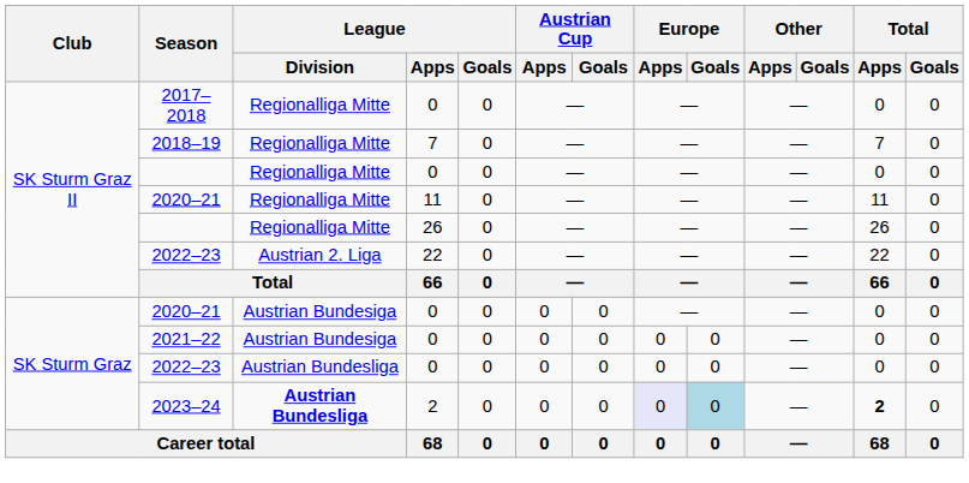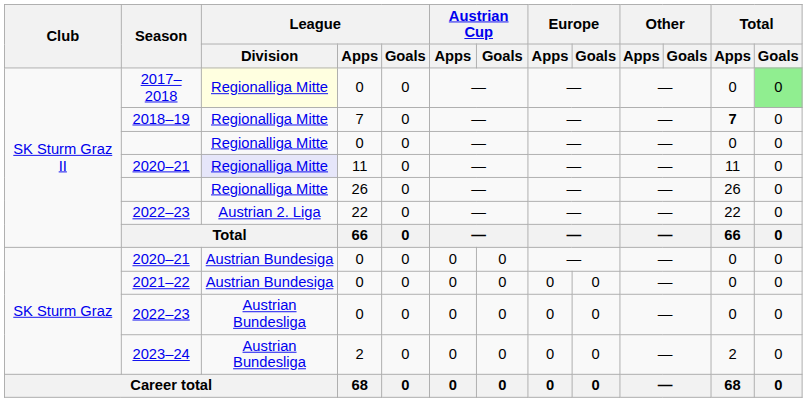 <table class="wikitable" style="text-align: center;">
 <tr>
 <th rowspan="2">Club</th>
 <th rowspan="2">Season</th>
 <th colspan="3">League</th>
 <th colspan="2"><a href='#'>Austrian Cup</a></th>
 <th colspan="2">Europe</th>
 <th colspan="2">Other</th>
 <th colspan="2">Total</th>
 </tr>
 <tr>
 <th>Division</th>
 <th>Apps</th>
 <th>Goals</th>
 <th>Apps</th>
 <th>Goals</th>
 <th>Apps</th>
 <th>Goals</th>
 <th>Apps</th>
 <th>Goals</th>
 <th>Apps</th>
 <th>Goals</th>
 </tr>
 <tr>
 <td rowspan="7"><a href='#'>SK Sturm Graz II</a></td>
 <td><a href='#'>2017–2018</a></td>
-<td><a href='#'>Regionalliga Mitte</a></td>
+<td style="background: lightyellow;"><a href='#'>Regionalliga Mitte</a></td>
 <td>0</td>
 <td>0</td>
 <td colspan="2">—</td>
 <td colspan="2">—</td>
 <td colspan="2">—</td>
 <td>0</td>
-<td>0</td>
+<td style="background: lightgreen;">0</td>
 </tr>
 <tr>
 <td><a href='#'>2018–19</a></td>
 <td><a href='#'>Regionalliga Mitte</a></td>
 <td>7</td>
 <td>0</td>
 <td colspan="2">—</td>
 <td colspan="2">—</td>
 <td colspan="2">—</td>
-<td>7</td>
+<td><strong>7</strong></td>
 <td>0</td>
 </tr>
 <tr>
 <td></td>
 <td><a href='#'>Regionalliga Mitte</a></td>
 <td>0</td>
 <td>0</td>
 <td colspan="2">—</td>
 <td colspan="2">—</td>
 <td colspan="2">—</td>
 <td>0</td>
 <td>0</td>
 </tr>
 <tr>
 <td><a href='#'>2020–21</a></td>
-<td><a href='#'>Regionalliga Mitte</a></td>
+<td style="background: lavender;"><a href='#'>Regionalliga Mitte</a></td>
 <td>11</td>
 <td>0</td>
 <td colspan="2">—</td>
 <td colspan="2">—</td>
 <td colspan="2">—</td>
 <td>11</td>
 <td>0</td>
 </tr>
 <tr>
 <td></td>
 <td><a href='#'>Regionalliga Mitte</a></td>
 <td>26</td>
 <td>0</td>
 <td colspan="2">—</td>
 <td colspan="2">—</td>
 <td colspan="2">—</td>
 <td>26</td>
 <td>0</td>
 </tr>
 <tr>
 <td><a href='#'>2022–23</a></td>
 <td><a href='#'>Austrian 2. Liga</a></td>
 <td>22</td>
 <td>0</td>
 <td colspan="2">—</td>
 <td colspan="2">—</td>
 <td colspan="2">—</td>
 <td>22</td>
 <td>0</td>
 </tr>
 <tr>
 <th colspan="2">Total</th>
 <th>66</th>
 <th>0</th>
 <th colspan="2">—</th>
 <th colspan="2">—</th>
 <th colspan="2">—</th>
 <th>66</th>
 <th>0</th>
 </tr>
 <tr>
 <td rowspan="4"><a href='#'>SK Sturm Graz</a></td>
 <td><a href='#'>2020–21</a></td>
 <td><a href='#'>Austrian Bundesiga</a></td>
 <td>0</td>
 <td>0</td>
 <td>0</td>
 <td>0</td>
 <td colspan="2">—</td>
 <td colspan="2">—</td>
 <td>0</td>
 <td>0</td>
 </tr>
 <tr>
 <td><a href='#'>2021–22</a></td>
 <td><a href='#'>Austrian Bundesiga</a></td>
 <td>0</td>
 <td>0</td>
 <td>0</td>
 <td>0</td>
 <td>0</td>
 <td>0</td>
 <td colspan="2">—</td>
 <td>0</td>
 <td>0</td>
 </tr>
 <tr>
 <td><a href='#'>2022–23</a></td>
 <td><a href='#'>Austrian Bundesliga</a></td>
 <td>0</td>
 <td>0</td>
 <td>0</td>
 <td>0</td>
 <td>0</td>
 <td>0</td>
 <td colspan="2">—</td>
 <td>0</td>
 <td>0</td>
 </tr>
 <tr>
 <td><a href='#'>2023–24</a></td>
-<td><strong><a href='#'>Austrian Bundesliga</a></strong></td>
+<td><a href='#'>Austrian Bundesliga</a></td>
 <td>2</td>
 <td>0</td>
 <td>0</td>
 <td>0</td>
-<td style="background: lavender;">0</td>
-<td style="background: lightblue;">0</td>
+<td>0</td>
+<td>0</td>
 <td colspan="2">—</td>
-<td><strong>2</strong></td>
+<td>2</td>
 <td>0</td>
 </tr>
 <tr>
 <th colspan="3">Career total</th>
 <th>68</th>
 <th>0</th>
 <th>0</th>
 <th>0</th>
 <th>0</th>
 <th>0</th>
 <th colspan="2">—</th>
 <th>68</th>
 <th>0</th>
 </tr>
 </table>
